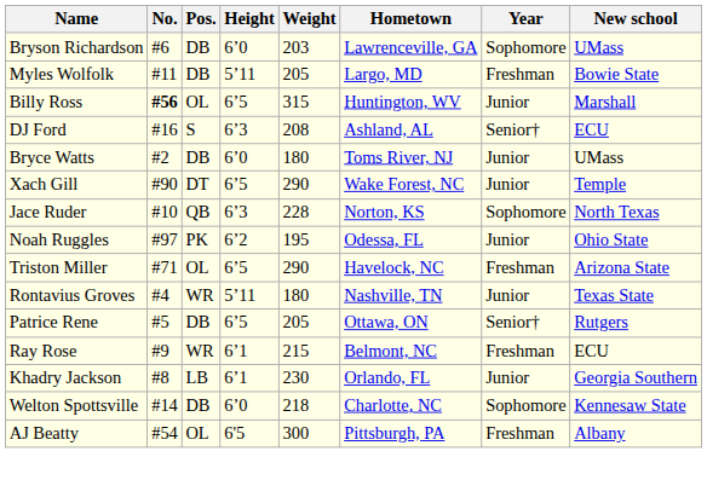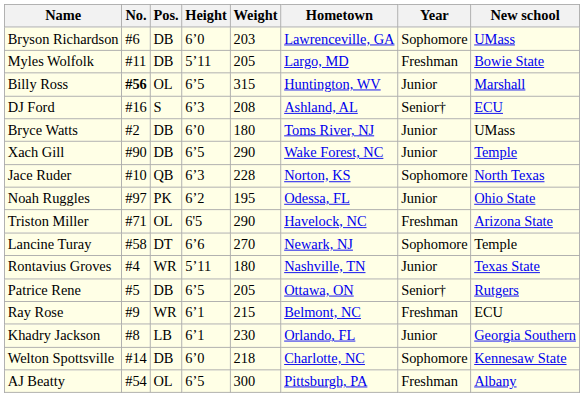 <table class="wikitable sortable">
 <tr>
 <th>Name</th>
 <th>No.</th>
 <th>Pos.</th>
 <th>Height</th>
 <th>Weight</th>
 <th>Hometown</th>
 <th>Year</th>
 <th class="unsortable">New school</th>
 </tr>
 <tr style="background:#FFFFE6;">
 <td>Bryson Richardson</td>
 <td>#6</td>
 <td>DB</td>
 <td>6’0</td>
 <td>203</td>
 <td><a href='#'>Lawrenceville, GA</a></td>
 <td>Sophomore</td>
 <td><a href='#'>UMass</a></td>
 </tr>
 <tr style="background:#FFFFE6;">
 <td>Myles Wolfolk</td>
 <td>#11</td>
 <td>DB</td>
 <td>5’11</td>
 <td>205</td>
 <td><a href='#'>Largo, MD</a></td>
 <td>Freshman</td>
 <td><a href='#'>Bowie State</a></td>
 </tr>
 <tr style="background:#FFFFE6;">
 <td>Billy Ross</td>
 <td><strong>#56</strong></td>
 <td>OL</td>
 <td>6’5</td>
 <td>315</td>
 <td><a href='#'>Huntington, WV</a></td>
 <td>Junior</td>
 <td><a href='#'>Marshall</a></td>
 </tr>
 <tr style="background:#FFFFE6;">
 <td>DJ Ford</td>
 <td>#16</td>
 <td>S</td>
 <td>6’3</td>
 <td>208</td>
 <td><a href='#'>Ashland, AL</a></td>
 <td>Senior†</td>
 <td><a href='#'>ECU</a></td>
 </tr>
 <tr style="background:#FFFFE6;">
 <td>Bryce Watts</td>
 <td>#2</td>
 <td>DB</td>
 <td>6’0</td>
 <td>180</td>
 <td><a href='#'>Toms River, NJ</a></td>
 <td> Junior</td>
 <td>UMass</td>
 </tr>
 <tr style="background:#FFFFE6;">
 <td>Xach Gill</td>
 <td>#90</td>
-<td>DT</td>
+<td>DB</td>
 <td>6’5</td>
 <td>290</td>
 <td><a href='#'>Wake Forest, NC</a></td>
 <td>Junior</td>
 <td><a href='#'>Temple</a></td>
 </tr>
 <tr style="background:#FFFFE6;">
 <td>Jace Ruder</td>
 <td>#10</td>
 <td>QB</td>
 <td>6’3</td>
 <td>228</td>
 <td><a href='#'>Norton, KS</a></td>
 <td> Sophomore</td>
 <td><a href='#'>North Texas</a></td>
 </tr>
 <tr style="background:#FFFFE6;">
 <td>Noah Ruggles</td>
 <td>#97</td>
 <td>PK</td>
 <td>6’2</td>
 <td>195</td>
 <td><a href='#'>Odessa, FL</a></td>
 <td>Junior</td>
 <td><a href='#'>Ohio State</a></td>
 </tr>
 <tr style="background:#FFFFE6;">
 <td>Triston Miller</td>
 <td>#71</td>
 <td>OL</td>
-<td>6’5</td>
+<td>6'5</td>
 <td>290</td>
 <td><a href='#'>Havelock, NC</a></td>
 <td> Freshman</td>
 <td><a href='#'>Arizona State</a></td>
+</tr>
+<tr style="background:#FFFFE6;">
+<td>Lancine Turay</td>
+<td>#58</td>
+<td>DT</td>
+<td>6’6</td>
+<td>270</td>
+<td><a href='#'>Newark, NJ</a></td>
+<td> Sophomore</td>
+<td>Temple</td>
 </tr>
 <tr style="background:#FFFFE6;">
 <td>Rontavius Groves</td>
 <td>#4</td>
 <td>WR</td>
 <td>5’11</td>
 <td>180</td>
 <td><a href='#'>Nashville, TN</a></td>
 <td>Junior</td>
 <td><a href='#'>Texas State</a></td>
 </tr>
 <tr style="background:#FFFFE6;">
 <td>Patrice Rene</td>
 <td>#5</td>
 <td>DB</td>
 <td>6’5</td>
 <td>205</td>
 <td><a href='#'>Ottawa, ON</a></td>
 <td>Senior†</td>
 <td><a href='#'>Rutgers</a></td>
 </tr>
 <tr style="background:#FFFFE6;">
 <td>Ray Rose</td>
 <td>#9</td>
 <td>WR</td>
 <td>6’1</td>
 <td>215</td>
 <td><a href='#'>Belmont, NC</a></td>
 <td>Freshman</td>
 <td>ECU</td>
 </tr>
 <tr style="background:#FFFFE6;">
 <td>Khadry Jackson</td>
 <td>#8</td>
 <td>LB</td>
 <td>6’1</td>
 <td>230</td>
 <td><a href='#'>Orlando, FL</a></td>
 <td>Junior</td>
 <td><a href='#'>Georgia Southern</a></td>
 </tr>
 <tr style="background:#FFFFE6;">
 <td>Welton Spottsville</td>
 <td>#14</td>
 <td>DB</td>
 <td>6’0</td>
 <td>218</td>
 <td><a href='#'>Charlotte, NC</a></td>
 <td>Sophomore</td>
 <td><a href='#'>Kennesaw State</a></td>
 </tr>
 <tr style="background:#FFFFE6;">
 <td>AJ Beatty</td>
 <td>#54</td>
 <td>OL</td>
-<td>6'5</td>
+<td>6’5</td>
 <td>300</td>
 <td><a href='#'>Pittsburgh, PA</a></td>
 <td>Freshman</td>
 <td><a href='#'>Albany</a></td>
 </tr>
 </table>
